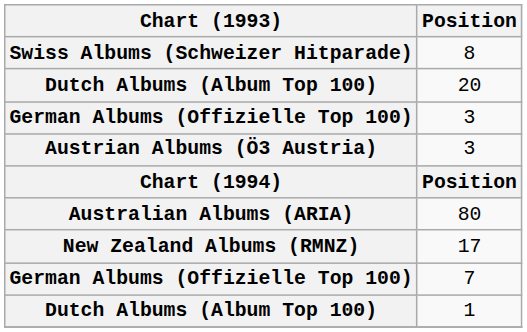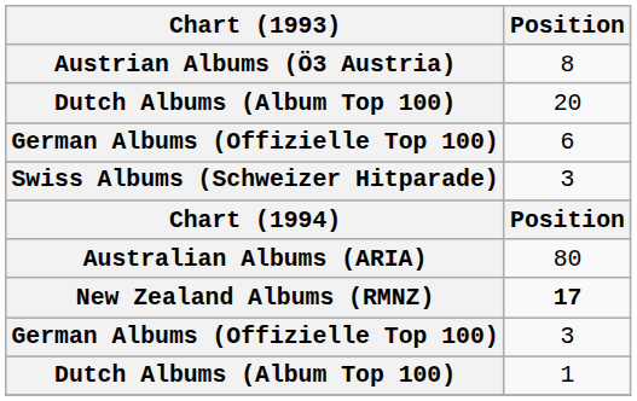 <table class="wikitable sortable plainrowheaders" style="text-align:center">
 <tr>
 <th scope="col">Chart (1993)</th>
 <th scope="col">Position</th>
 </tr>
 <tr>
-<th scope="row">Swiss Albums (Schweizer Hitparade)</th>
+<th scope="row">Austrian Albums (Ö3 Austria)</th>
 <td>8</td>
 </tr>
 <tr>
 <th scope="row">Dutch Albums (Album Top 100)</th>
 <td>20</td>
 </tr>
 <tr>
 <th scope="row">German Albums (Offizielle Top 100)</th>
-<td>3</td>
+<td>6</td>
 </tr>
 <tr>
-<th scope="row">Austrian Albums (Ö3 Austria)</th>
+<th scope="row">Swiss Albums (Schweizer Hitparade)</th>
 <td>3</td>
 </tr>
 <tr>
 <th scope="col">Chart (1994)</th>
 <th scope="col">Position</th>
 </tr>
 <tr>
 <th scope="row">Australian Albums (ARIA)</th>
 <td>80</td>
 </tr>
 <tr>
 <th scope="row">New Zealand Albums (RMNZ)</th>
-<td>17</td>
+<td><strong>17</strong></td>
 </tr>
 <tr>
 <th scope="row">German Albums (Offizielle Top 100)</th>
-<td>7</td>
+<td>3</td>
 </tr>
 <tr>
 <th scope="row">Dutch Albums (Album Top 100)</th>
 <td>1</td>
 </tr>
 <tr>
 </tr>
 </table>
